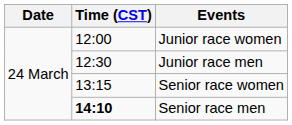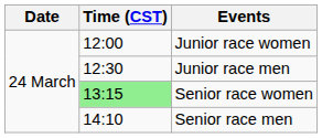 <table class="wikitable">
 <tr>
 <th>Date</th>
 <th>Time (<a href='#'>CST</a>)</th>
 <th>Events</th>
 </tr>
 <tr>
 <td rowspan=4>24 March</td>
 <td>12:00</td>
 <td>Junior race women</td>
 </tr>
 <tr>
 <td>12:30</td>
 <td>Junior race men</td>
 </tr>
 <tr>
-<td>13:15</td>
+<td style="background: lightgreen;">13:15</td>
 <td>Senior race women</td>
 </tr>
 <tr>
-<td><strong>14:10</strong></td>
+<td>14:10</td>
 <td>Senior race men</td>
 </tr>
 </table>
